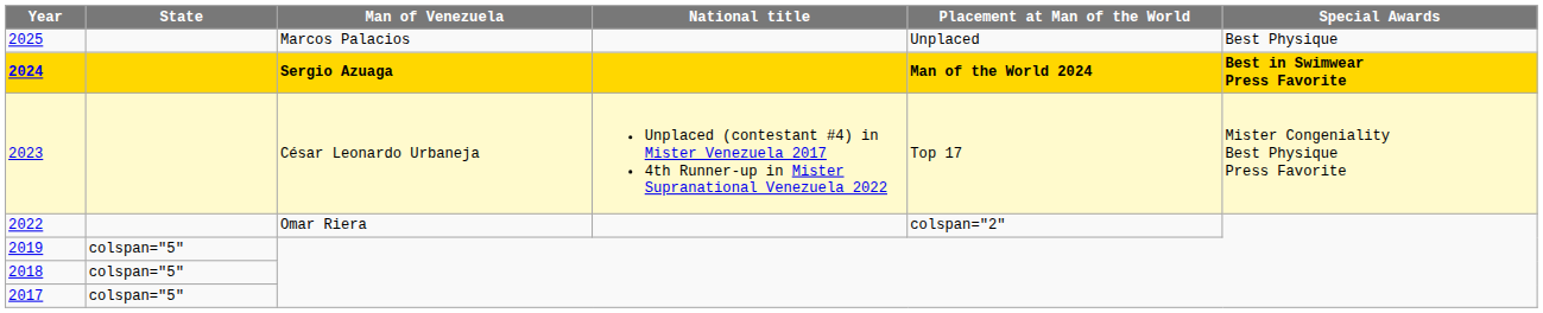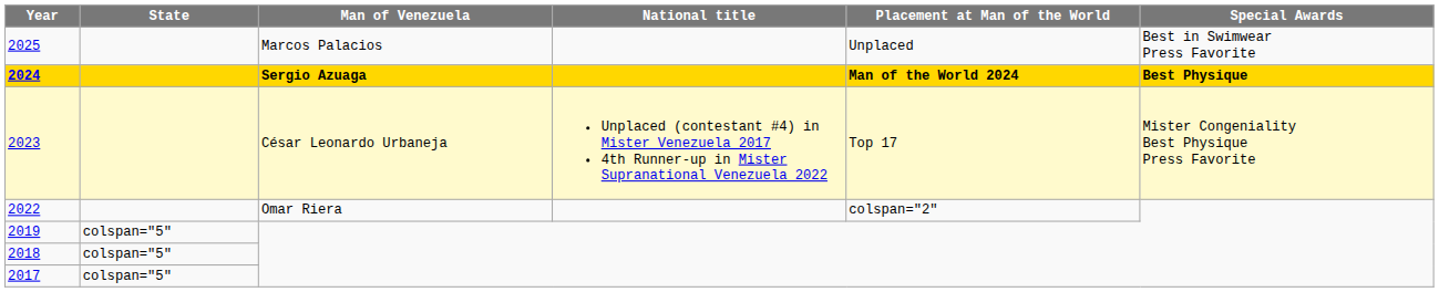 <table class="sortable" border="5" cellpadding="2" cellspacing="0" align=" 0 1em 0 0" style="background: #f9f9f9; border: 1px #aaa solid; border-collapse: collapse; font-size: 90%">
 <tr>
 <th width="60" style="background-color:#787878;color:#FFFFFF;">Year</th>
 <th width="150" style="background-color:#787878;color:#FFFFFF;">State</th>
 <th width="250" style="background-color:#787878;color:#FFFFFF;">Man of Venezuela</th>
 <th width="250" style="background-color:#787878;color:#FFFFFF;">National title</th>
 <th width="250" style="background-color:#787878;color:#FFFFFF;">Placement at Man of the World</th>
 <th width="250" style="background-color:#787878;color:#FFFFFF;">Special Awards</th>
 </tr>
 <tr>
 <td><a href='#'>2025</a></td>
 <td></td>
 <td>Marcos Palacios</td>
 <td></td>
 <td>Unplaced</td>
-<td> Best Physique</td>
+<td> Best in Swimwear<br> Press Favorite</td>
 </tr>
 <tr style="background-color:gold; font-weight: bold ">
 <td><a href='#'>2024</a></td>
 <td></td>
 <td>Sergio Azuaga</td>
 <td></td>
 <td>Man of the World 2024</td>
-<td> Best in Swimwear<br> Press Favorite</td>
+<td> Best Physique</td>
 </tr>
 <tr bgcolor="#FFFACD">
 <td><a href='#'>2023</a></td>
 <td></td>
 <td>César Leonardo Urbaneja</td>
 <td><br><ul><li>Unplaced (contestant #4) in <a href='#'>Mister Venezuela 2017</a></li><li>4th Runner-up in <a href='#'>Mister Supranational Venezuela 2022</a></li></ul></td>
 <td>Top 17</td>
 <td> Mister Congeniality<br> Best Physique<br> Press Favorite</td>
 </tr>
 <tr>
 <td><a href='#'>2022</a></td>
 <td></td>
 <td>Omar Riera</td>
 <td></td>
 <td>colspan="2" </td>
 </tr>
 <tr>
 <td><a href='#'>2019</a></td>
 <td>colspan="5" </td>
 </tr>
 <tr>
 <td><a href='#'>2018</a></td>
 <td>colspan="5" </td>
 </tr>
 <tr>
 <td><a href='#'>2017</a></td>
 <td>colspan="5" </td>
 </tr>
 </table>
